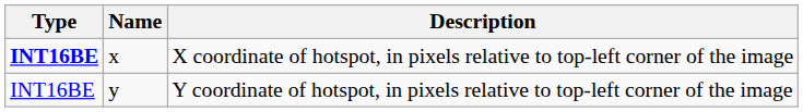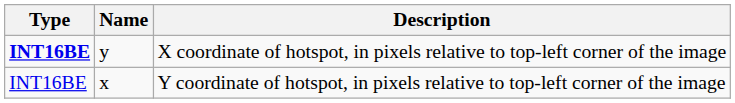 <table class="wikitable">
 <tr>
 <th>Type</th>
 <th>Name</th>
 <th>Description</th>
 </tr>
 <tr>
 <td><strong><a href='#'>INT16BE</a></strong></td>
-<td>x</td>
+<td>y</td>
 <td>X coordinate of hotspot, in pixels relative to top-left corner of the image</td>
 </tr>
 <tr>
 <td><a href='#'>INT16BE</a></td>
-<td>y</td>
+<td>x</td>
 <td>Y coordinate of hotspot, in pixels relative to top-left corner of the image</td>
 </tr>
 </table>
